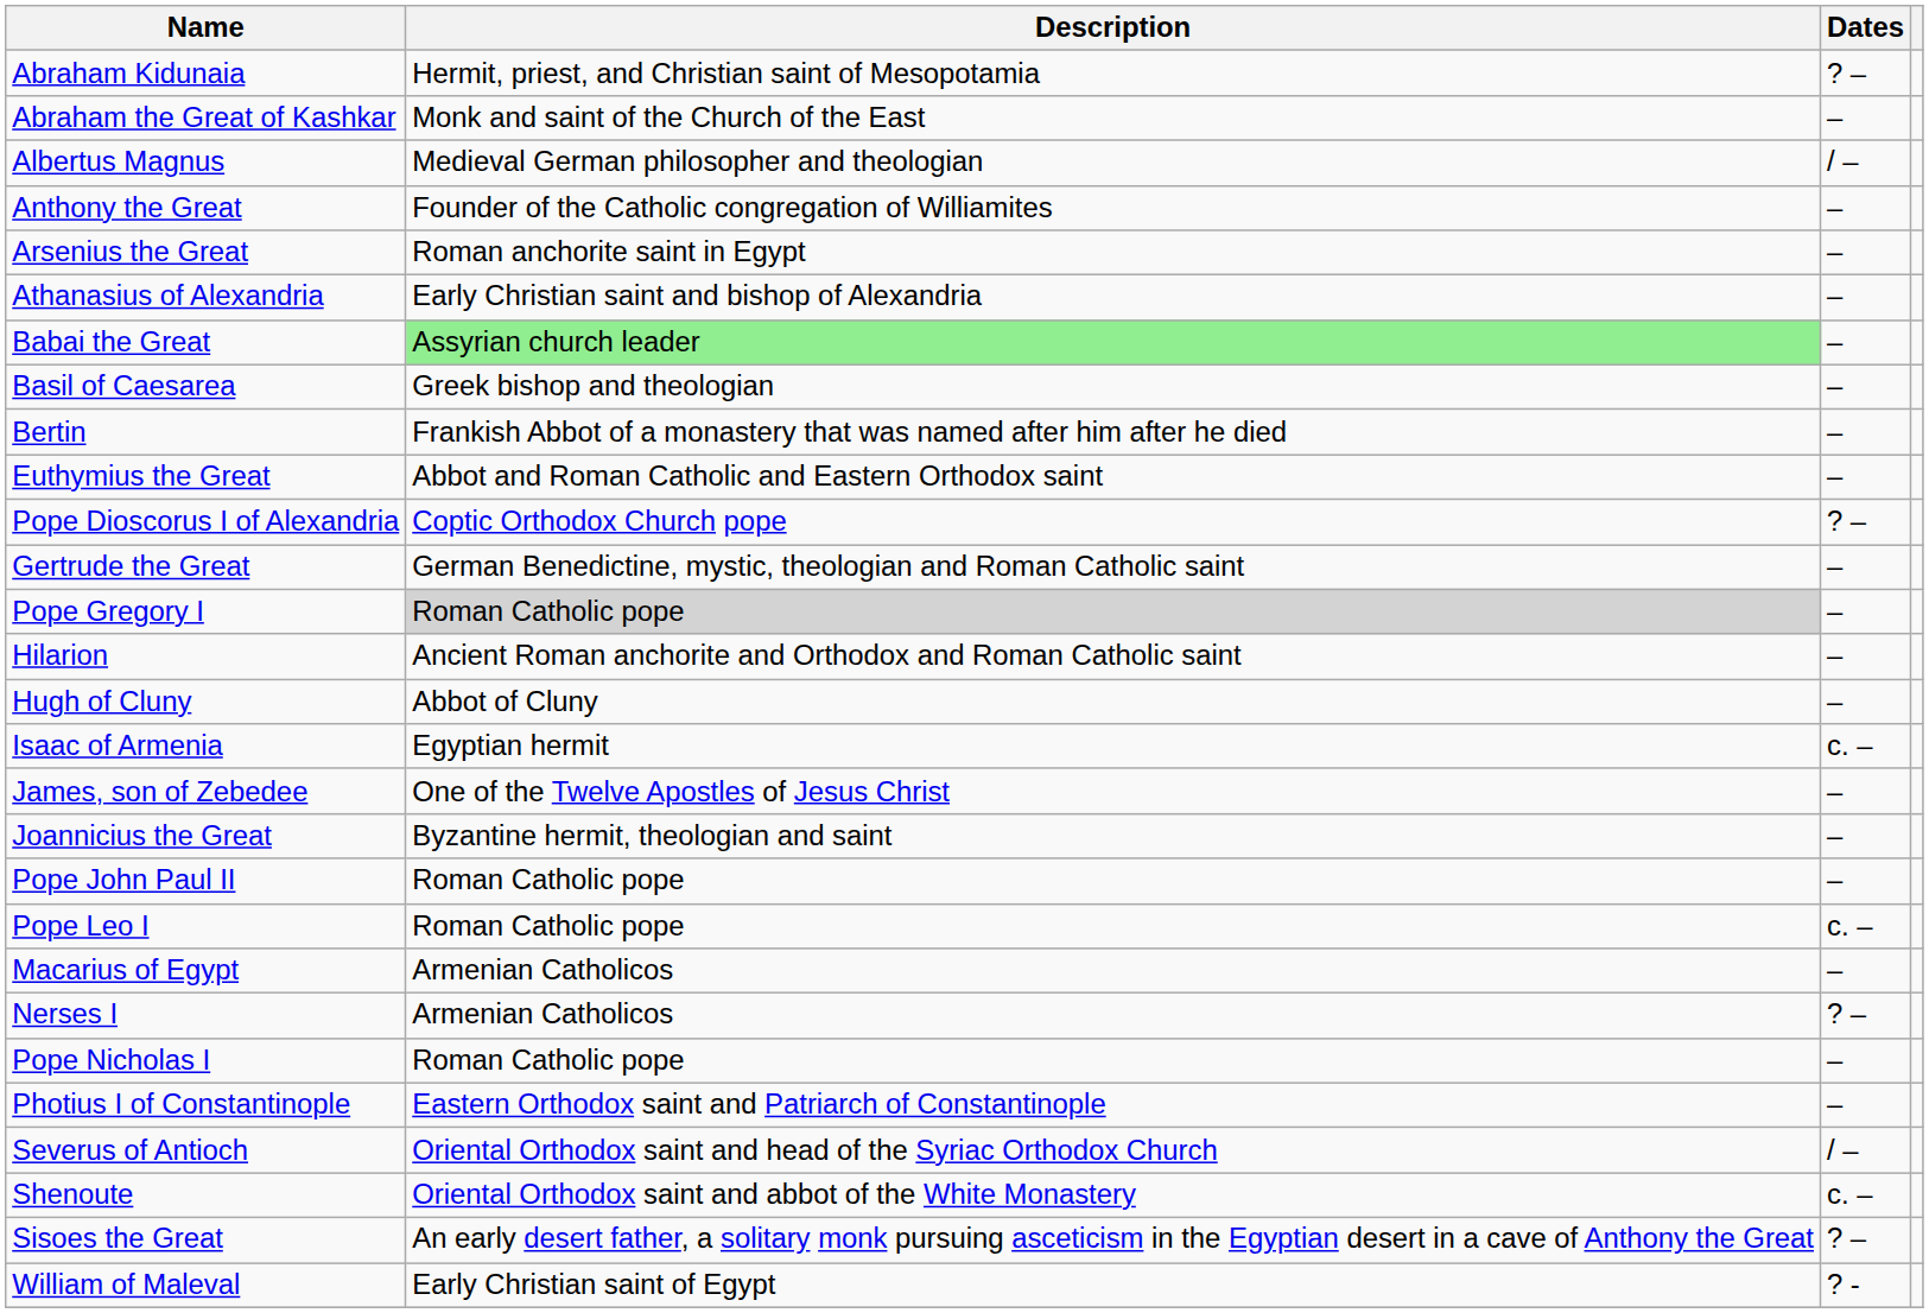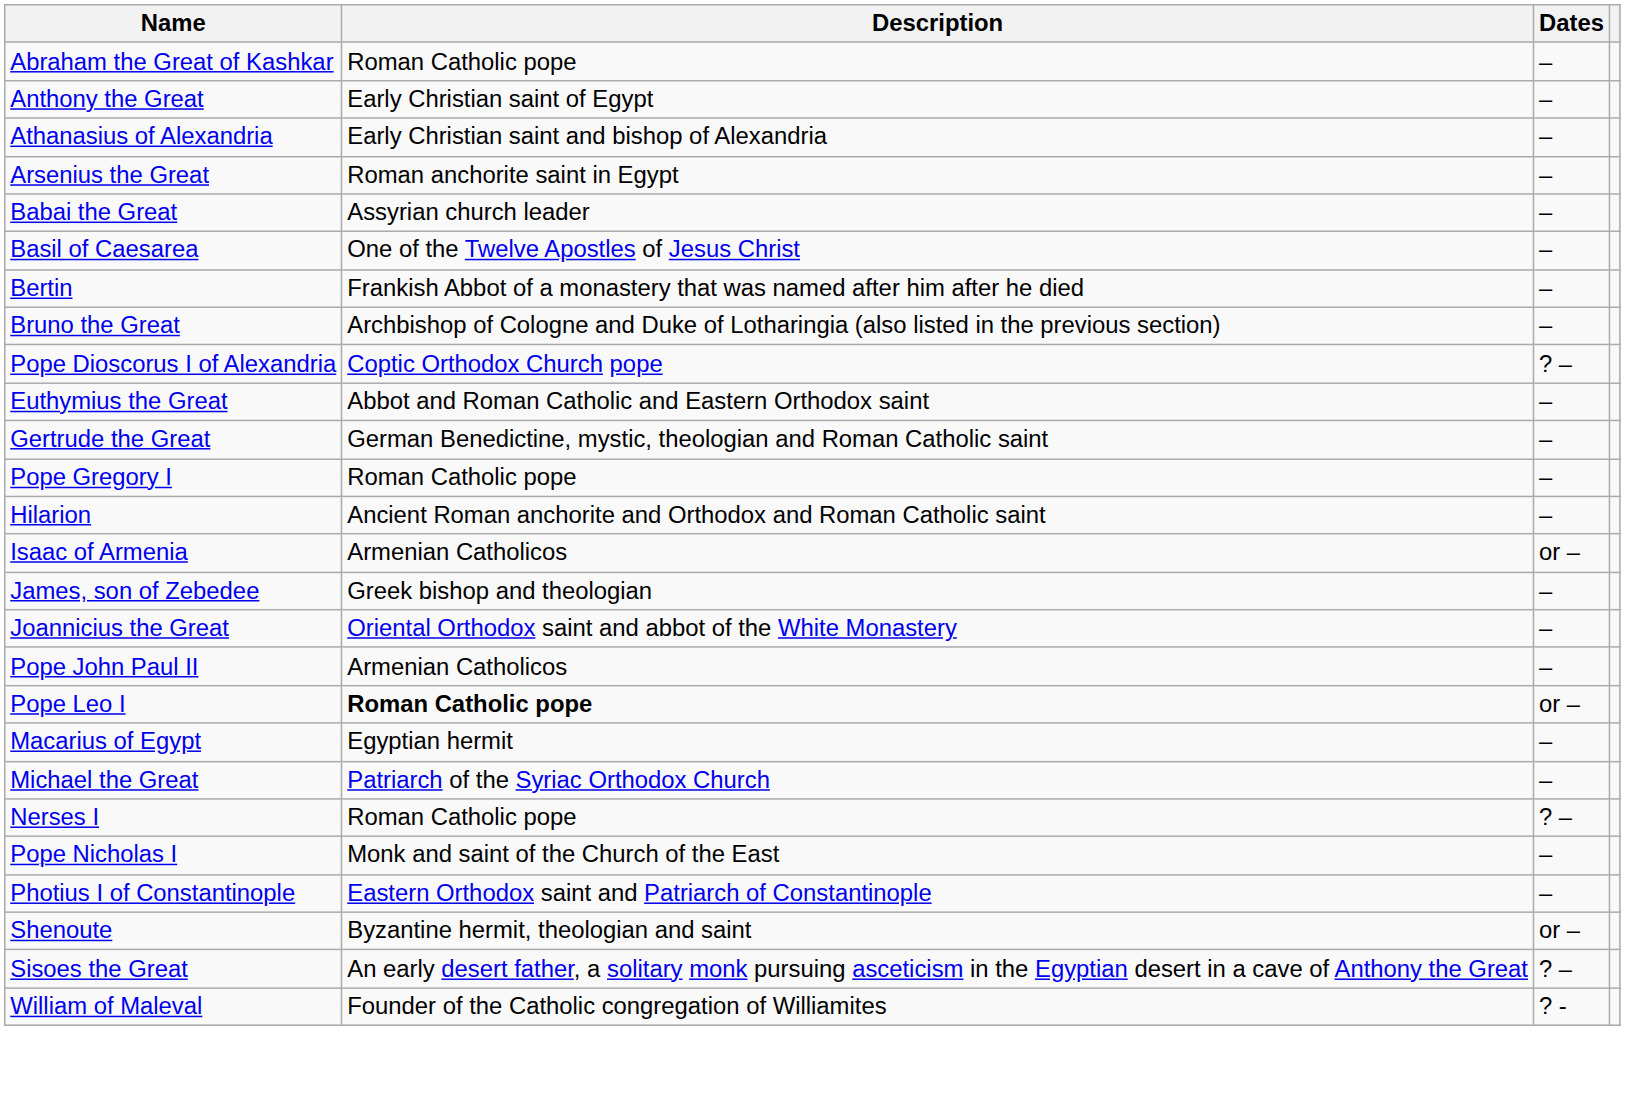 <table class="wikitable sortable">
 <tr>
 <th>Name</th>
 <th>Description</th>
 <th>Dates</th>
 <th class="unsortable"></th>
 </tr>
 <tr>
-<td><a href='#'>Abraham Kidunaia</a></td>
-<td>Hermit, priest, and Christian saint of Mesopotamia</td>
-<td>? – </td>
-<td></td>
-</tr>
-<tr>
 <td><a href='#'>Abraham the Great of Kashkar</a></td>
-<td>Monk and saint of the Church of the East</td>
+<td>Roman Catholic pope</td>
 <td> – </td>
 <td></td>
 </tr>
 <tr>
-<td><a href='#'>Albertus Magnus</a></td>
-<td>Medieval German philosopher and theologian</td>
-<td>/ – </td>
+<td><a href='#'>Anthony the Great</a></td>
+<td>Early Christian saint of Egypt</td>
+<td> – </td>
 <td></td>
 </tr>
 <tr>
-<td><a href='#'>Anthony the Great</a></td>
-<td>Founder of the Catholic congregation of Williamites</td>
+<td><a href='#'>Athanasius of Alexandria</a></td>
+<td>Early Christian saint and bishop of Alexandria</td>
 <td> – </td>
 <td></td>
 </tr>
 <tr>
 <td><a href='#'>Arsenius the Great</a></td>
 <td>Roman anchorite saint in Egypt</td>
 <td> – </td>
 <td></td>
 </tr>
 <tr>
-<td><a href='#'>Athanasius of Alexandria</a></td>
-<td>Early Christian saint and bishop of Alexandria</td>
-<td> – </td>
-<td></td>
-</tr>
-<tr>
 <td><a href='#'>Babai the Great</a></td>
-<td style="background: lightgreen;">Assyrian church leader</td>
+<td>Assyrian church leader</td>
 <td> – </td>
 <td></td>
 </tr>
 <tr>
 <td><a href='#'>Basil of Caesarea</a></td>
-<td>Greek bishop and theologian</td>
+<td>One of the <a href='#'>Twelve Apostles</a> of <a href='#'>Jesus Christ</a></td>
 <td> – </td>
 <td></td>
 </tr>
 <tr>
 <td><a href='#'>Bertin</a></td>
 <td>Frankish Abbot of a monastery that was named after him after he died</td>
 <td> – </td>
 <td></td>
 </tr>
 <tr>
-<td><a href='#'>Euthymius the Great</a></td>
-<td>Abbot and Roman Catholic and Eastern Orthodox saint</td>
+<td><a href='#'>Bruno the Great</a></td>
+<td>Archbishop of Cologne and Duke of Lotharingia (also listed in the previous section)</td>
 <td> – </td>
 <td></td>
 </tr>
 <tr>
 <td><a href='#'>Pope Dioscorus I of Alexandria</a></td>
 <td><a href='#'>Coptic Orthodox Church</a> <a href='#'>pope</a></td>
 <td>? – </td>
 <td></td>
 </tr>
 <tr>
+<td><a href='#'>Euthymius the Great</a></td>
+<td>Abbot and Roman Catholic and Eastern Orthodox saint</td>
+<td> – </td>
+<td></td>
+</tr>
+<tr>
 <td><a href='#'>Gertrude the Great</a></td>
 <td>German Benedictine, mystic, theologian and Roman Catholic saint</td>
 <td> – </td>
 <td></td>
 </tr>
 <tr>
 <td><a href='#'>Pope Gregory I</a></td>
-<td style="background: lightgrey;">Roman Catholic pope</td>
+<td>Roman Catholic pope</td>
 <td> – </td>
 <td></td>
 </tr>
 <tr>
 <td><a href='#'>Hilarion</a></td>
 <td>Ancient Roman anchorite and Orthodox and Roman Catholic saint</td>
 <td> – </td>
 <td></td>
 </tr>
 <tr>
-<td><a href='#'>Hugh of Cluny</a></td>
-<td>Abbot of Cluny</td>
-<td> – </td>
-<td></td>
-</tr>
-<tr>
 <td><a href='#'>Isaac of Armenia</a></td>
-<td>Egyptian hermit</td>
-<td>c. – </td>
+<td>Armenian Catholicos</td>
+<td> or  – </td>
 </tr>
 <tr>
 <td><a href='#'>James, son of Zebedee</a></td>
-<td>One of the <a href='#'>Twelve Apostles</a> of <a href='#'>Jesus Christ</a></td>
+<td>Greek bishop and theologian</td>
 <td> – </td>
 <td></td>
 </tr>
 <tr>
 <td><a href='#'>Joannicius the Great</a></td>
-<td>Byzantine hermit, theologian and saint</td>
+<td><a href='#'>Oriental Orthodox</a> saint and abbot of the <a href='#'>White Monastery</a></td>
 <td> – </td>
 <td></td>
 </tr>
 <tr>
 <td><a href='#'>Pope John Paul II</a></td>
-<td>Roman Catholic pope</td>
+<td>Armenian Catholicos</td>
 <td> – </td>
 <td></td>
 </tr>
 <tr>
 <td><a href='#'>Pope Leo I</a></td>
-<td>Roman Catholic pope</td>
-<td>c. – </td>
+<td><strong>Roman Catholic pope</strong></td>
+<td> or  – </td>
 <td></td>
 </tr>
 <tr>
 <td><a href='#'>Macarius of Egypt</a></td>
-<td>Armenian Catholicos</td>
+<td>Egyptian hermit</td>
+<td> – </td>
+<td></td>
+</tr>
+<tr>
+<td><a href='#'>Michael the Great</a></td>
+<td><a href='#'>Patriarch</a> of the <a href='#'>Syriac Orthodox Church</a></td>
 <td> – </td>
 <td></td>
 </tr>
 <tr>
 <td><a href='#'>Nerses I</a></td>
-<td>Armenian Catholicos</td>
+<td>Roman Catholic pope</td>
 <td>? – </td>
 <td></td>
 </tr>
 <tr>
 <td><a href='#'>Pope Nicholas I</a></td>
-<td>Roman Catholic pope</td>
+<td>Monk and saint of the Church of the East</td>
 <td> – </td>
 <td></td>
 </tr>
 <tr>
 <td><a href='#'>Photius I of Constantinople</a></td>
 <td><a href='#'>Eastern Orthodox</a> saint and <a href='#'>Patriarch of Constantinople</a></td>
 <td> – </td>
 <td></td>
 </tr>
 <tr>
-<td><a href='#'>Severus of Antioch</a></td>
-<td><a href='#'>Oriental Orthodox</a> saint and head of the <a href='#'>Syriac Orthodox Church</a></td>
-<td>/ – </td>
-<td></td>
-</tr>
-<tr>
 <td><a href='#'>Shenoute</a></td>
-<td><a href='#'>Oriental Orthodox</a> saint and abbot of the <a href='#'>White Monastery</a></td>
-<td>c. – </td>
+<td>Byzantine hermit, theologian and saint</td>
+<td> or  – </td>
 <td></td>
 </tr>
 <tr>
 <td><a href='#'>Sisoes the Great</a></td>
 <td>An early <a href='#'>desert father</a>, a <a href='#'>solitary</a> <a href='#'>monk</a> pursuing <a href='#'>asceticism</a> in the <a href='#'>Egyptian</a> desert in a cave of <a href='#'>Anthony the Great</a></td>
 <td>? – </td>
 <td></td>
 </tr>
 <tr>
 <td><a href='#'>William of Maleval</a></td>
-<td>Early Christian saint of Egypt</td>
+<td>Founder of the Catholic congregation of Williamites</td>
 <td>? - </td>
 <td></td>
 </tr>
 <tr>
 </tr>
 </table>
